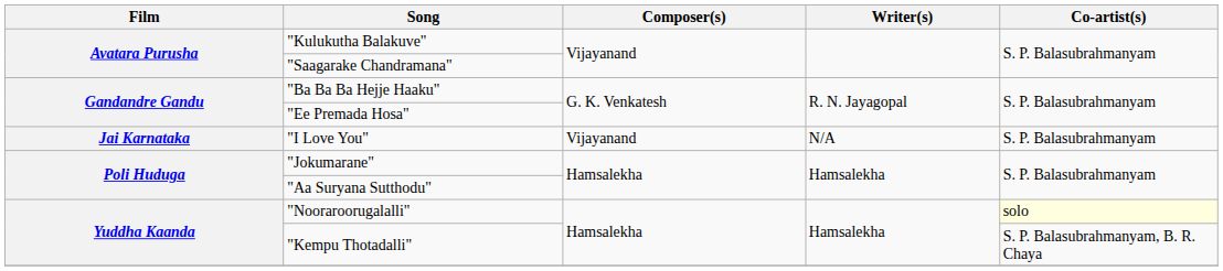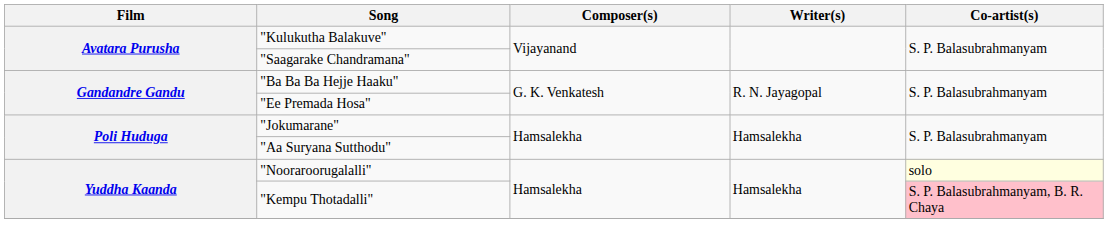 <table class="wikitable plainrowheaders" width="100%" textcolor:#000;">
 <tr style="background:#b0e0e66;">
 <th scope="col" width=23%><strong>Film</strong></th>
 <th scope="col" width=23%><strong>Song</strong></th>
 <th scope="col" width=20%><strong>Composer(s)</strong></th>
 <th scope="col" width=16%><strong>Writer(s)</strong></th>
 <th scope="col" width=18%><strong>Co-artist(s)</strong></th>
 </tr>
 <tr>
 <th Rowspan=2><em><a href='#'>Avatara Purusha</a></em></th>
 <td>"Kulukutha Balakuve"</td>
 <td Rowspan=2>Vijayanand</td>
 <td rowspan=2></td>
 <td rowspan=2>S. P. Balasubrahmanyam</td>
 </tr>
 <tr>
 <td>"Saagarake Chandramana"</td>
 </tr>
 <tr>
 <th Rowspan=2><em><a href='#'>Gandandre Gandu</a></em></th>
 <td>"Ba Ba Ba Hejje Haaku"</td>
 <td rowspan=2>G. K. Venkatesh</td>
 <td rowspan=2>R. N. Jayagopal</td>
 <td rowspan=2>S. P. Balasubrahmanyam</td>
 </tr>
 <tr>
 <td>"Ee Premada Hosa"</td>
 </tr>
 <tr>
-<th><em><a href='#'>Jai Karnataka</a></em></th>
-<td>"I Love You"</td>
-<td>Vijayanand</td>
-<td>N/A</td>
-<td>S. P. Balasubrahmanyam</td>
-</tr>
-<tr>
 <th Rowspan=2><em><a href='#'>Poli Huduga</a></em></th>
 <td>"Jokumarane"</td>
 <td rowspan=2>Hamsalekha</td>
 <td Rowspan=2>Hamsalekha</td>
 <td rowspan=2>S. P. Balasubrahmanyam</td>
 </tr>
 <tr>
 <td>"Aa Suryana Sutthodu"</td>
 </tr>
 <tr>
 <th Rowspan=2><em><a href='#'>Yuddha Kaanda</a></em></th>
 <td>"Nooraroorugalalli"</td>
 <td rowspan=2>Hamsalekha</td>
 <td Rowspan=2>Hamsalekha</td>
 <td style="background: lightyellow;">solo</td>
 </tr>
 <tr>
 <td>"Kempu Thotadalli"</td>
-<td>S. P. Balasubrahmanyam, B. R. Chaya</td>
+<td style="background: pink;">S. P. Balasubrahmanyam, B. R. Chaya</td>
 </tr>
 <tr>
 </tr>
 </table>
